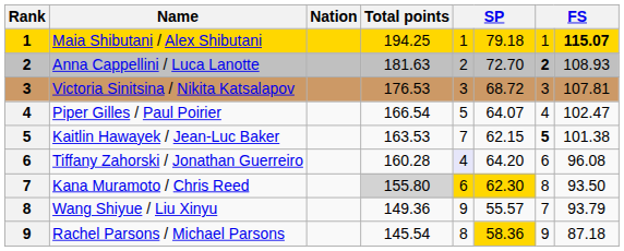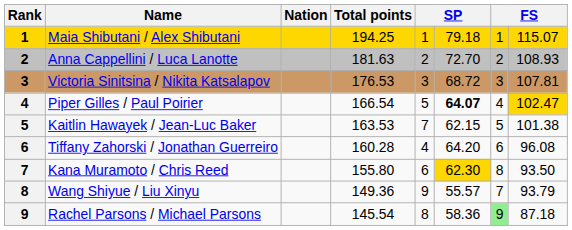 <table class="wikitable sortable">
 <tr>
 <th>Rank</th>
 <th>Name</th>
 <th>Nation</th>
 <th>Total points</th>
 <th colspan="2" width="80px"><a href='#'>SP</a></th>
 <th colspan="2" width="80px"><a href='#'>FS</a></th>
 </tr>
 <tr bgcolor="gold">
 <td align="center"><strong>1</strong></td>
 <td><a href='#'>Maia Shibutani</a> / <a href='#'>Alex Shibutani</a></td>
 <td></td>
 <td align="center">194.25</td>
 <td align="center">1</td>
 <td align="center">79.18</td>
 <td align="center">1</td>
-<td align="center"><strong>115.07</strong></td>
+<td align="center">115.07</td>
 </tr>
 <tr bgcolor="silver">
 <td align="center"><strong>2</strong></td>
 <td><a href='#'>Anna Cappellini</a> / <a href='#'>Luca Lanotte</a></td>
 <td></td>
 <td align="center">181.63</td>
 <td align="center">2</td>
 <td align="center">72.70</td>
-<td align="center"><strong>2</strong></td>
+<td align="center">2</td>
 <td align="center">108.93</td>
 </tr>
 <tr bgcolor="cc9966">
 <td align="center"><strong>3</strong></td>
 <td><a href='#'>Victoria Sinitsina</a> / <a href='#'>Nikita Katsalapov</a></td>
 <td></td>
 <td align="center">176.53</td>
 <td align="center">3</td>
 <td align="center">68.72</td>
 <td align="center">3</td>
 <td align="center">107.81</td>
 </tr>
 <tr>
 <th>4</th>
 <td><a href='#'>Piper Gilles</a> / <a href='#'>Paul Poirier</a></td>
 <td></td>
 <td align="center">166.54</td>
 <td align="center">5</td>
-<td align="center">64.07</td>
+<td align="center"><strong>64.07</strong></td>
 <td align="center">4</td>
-<td align="center">102.47</td>
+<td align="center" style="background: gold;">102.47</td>
 </tr>
 <tr>
 <th>5</th>
 <td><a href='#'>Kaitlin Hawayek</a> / <a href='#'>Jean-Luc Baker</a></td>
 <td></td>
 <td align="center">163.53</td>
 <td align="center">7</td>
 <td align="center">62.15</td>
-<td align="center"><strong>5</strong></td>
+<td align="center">5</td>
 <td align="center">101.38</td>
 </tr>
 <tr>
 <th>6</th>
 <td><a href='#'>Tiffany Zahorski</a> / <a href='#'>Jonathan Guerreiro</a></td>
 <td></td>
 <td align="center">160.28</td>
-<td align="center" style="background: lavender;">4</td>
+<td align="center">4</td>
 <td align="center">64.20</td>
 <td align="center">6</td>
 <td align="center">96.08</td>
 </tr>
 <tr>
 <th>7</th>
 <td><a href='#'>Kana Muramoto</a> / <a href='#'>Chris Reed</a></td>
 <td></td>
-<td align="center" style="background: lightgrey;">155.80</td>
-<td align="center" style="background: gold;">6</td>
+<td align="center">155.80</td>
+<td align="center">6</td>
 <td align="center" style="background: gold;">62.30</td>
 <td align="center">8</td>
 <td align="center">93.50</td>
 </tr>
 <tr>
 <th>8</th>
 <td><a href='#'>Wang Shiyue</a> / <a href='#'>Liu Xinyu</a></td>
 <td></td>
 <td align="center">149.36</td>
 <td align="center">9</td>
 <td align="center">55.57</td>
 <td align="center">7</td>
 <td align="center">93.79</td>
 </tr>
 <tr>
 <th>9</th>
 <td><a href='#'>Rachel Parsons</a> / <a href='#'>Michael Parsons</a></td>
 <td></td>
 <td align="center">145.54</td>
 <td align="center">8</td>
-<td align="center" style="background: gold;">58.36</td>
-<td align="center">9</td>
+<td align="center">58.36</td>
+<td align="center" style="background: lightgreen;">9</td>
 <td align="center">87.18</td>
 </tr>
 </table>
